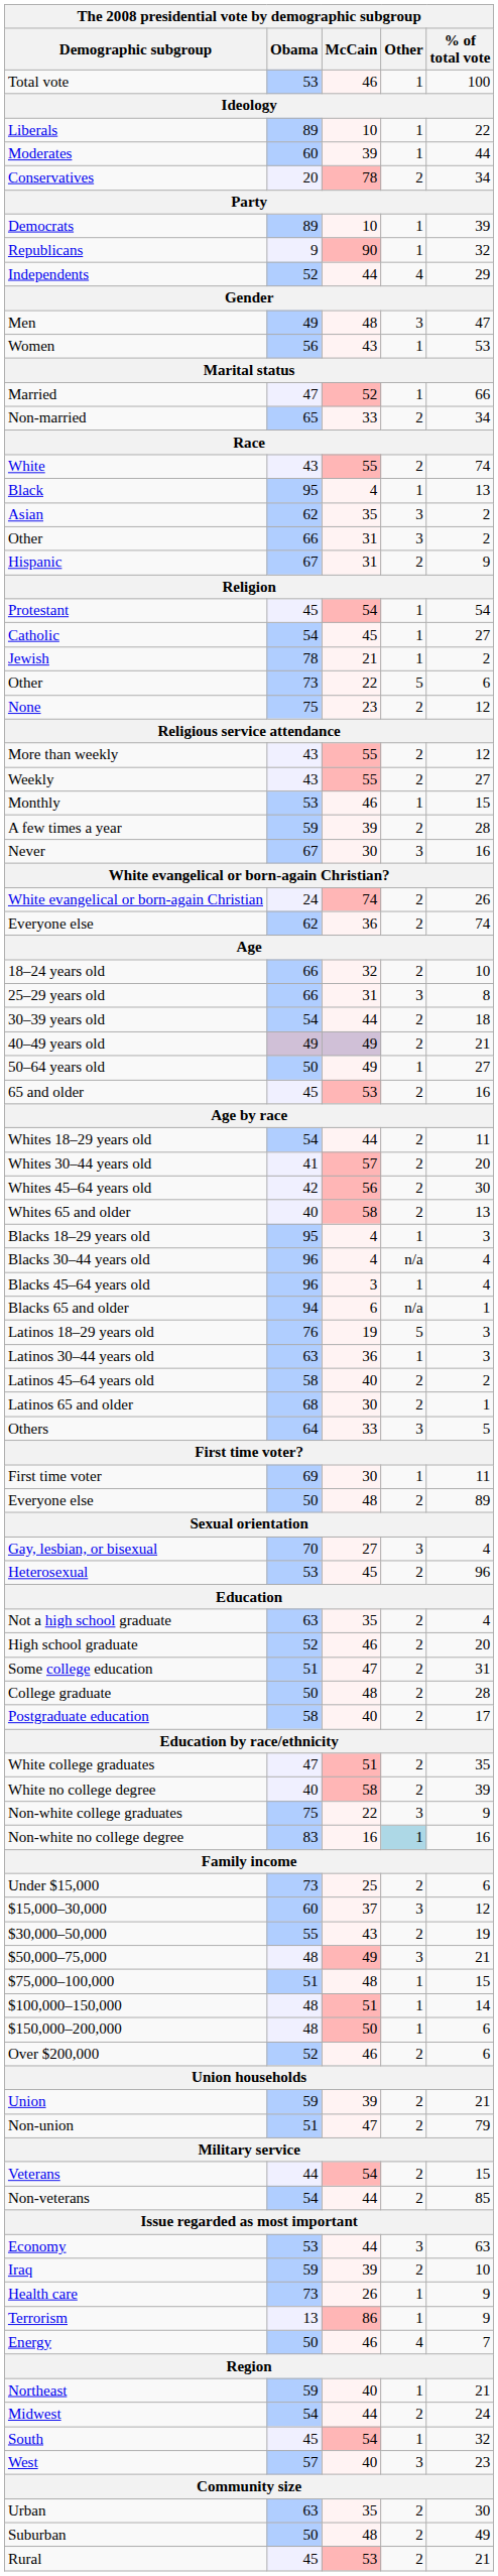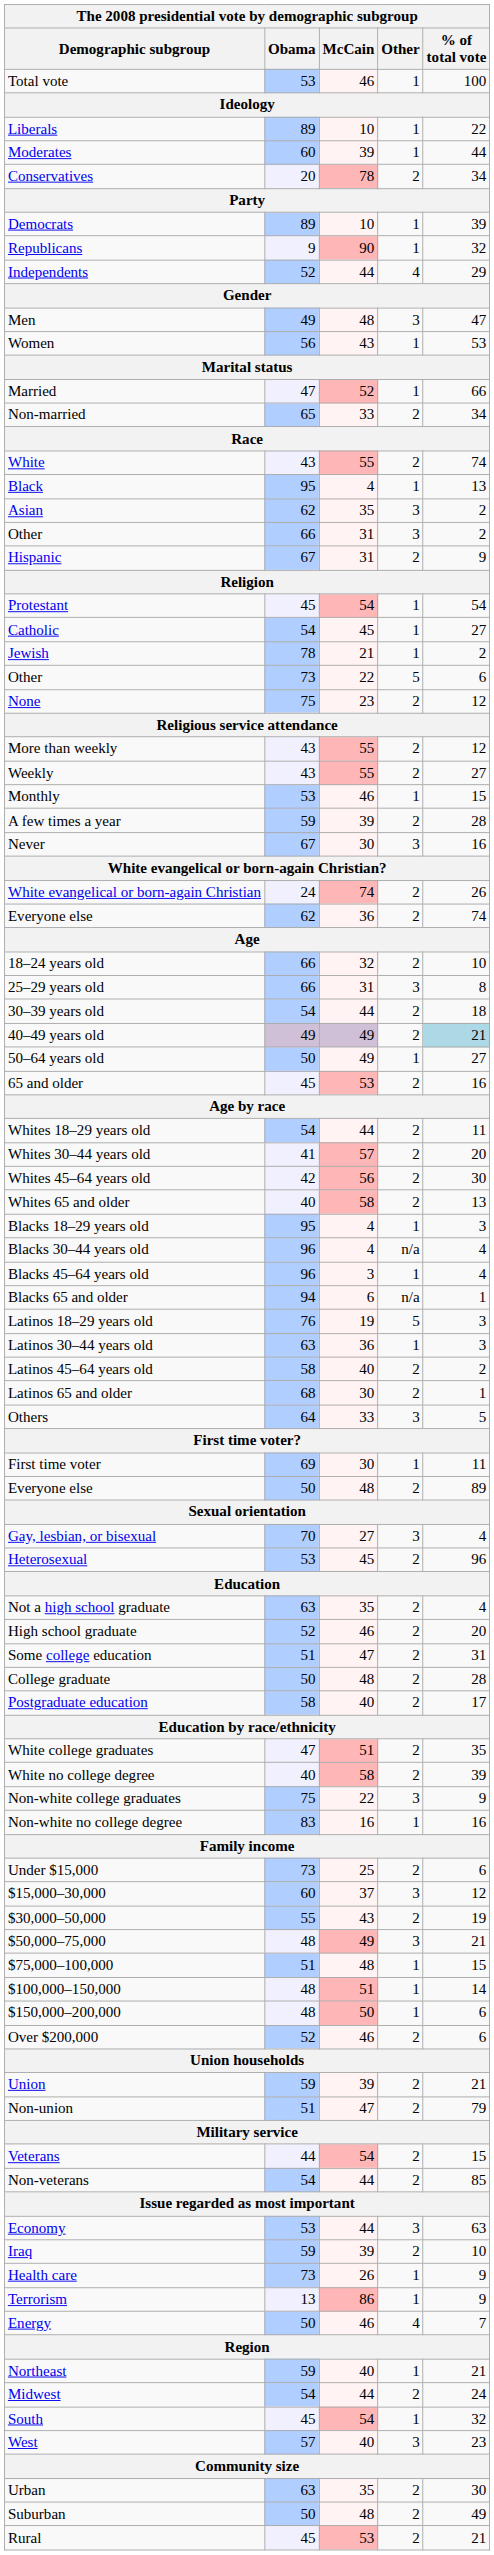 <table class=wikitable>
 <tr>
 <th colspan="8">The 2008 presidential vote by demographic subgroup</th>
 </tr>
 <tr>
 <th>Demographic subgroup</th>
 <th>Obama</th>
 <th>McCain</th>
 <th>Other</th>
 <th>% of<br>total vote</th>
 </tr>
 <tr>
 <td>Total vote</td>
 <td style="text-align:right; background:#b0ceff;">53</td>
 <td style="text-align:right; background:#fff3f3;">46</td>
 <td style="text-align:right;">1</td>
 <td style="text-align:right;">100</td>
 </tr>
 <tr>
 <th colspan=5>Ideology</th>
 </tr>
 <tr>
 <td><a href='#'>Liberals</a></td>
 <td style="text-align:right; background:#b0ceff;">89</td>
 <td style="text-align:right; background:#fff3f3;">10</td>
 <td style="text-align:right;">1</td>
 <td style="text-align:right;">22</td>
 </tr>
 <tr>
 <td><a href='#'>Moderates</a></td>
 <td style="text-align:right; background:#b0ceff;">60</td>
 <td style="text-align:right; background:#fff3f3;">39</td>
 <td style="text-align:right;">1</td>
 <td style="text-align:right;">44</td>
 </tr>
 <tr>
 <td><a href='#'>Conservatives</a></td>
 <td style="text-align:right; background:#f0f0ff;">20</td>
 <td style="text-align:right; background:#ffb6b6;">78</td>
 <td style="text-align:right;">2</td>
 <td style="text-align:right;">34</td>
 </tr>
 <tr>
 <th colspan=5>Party</th>
 </tr>
 <tr>
 <td><a href='#'>Democrats</a></td>
 <td style="text-align:right; background:#b0ceff;">89</td>
 <td style="text-align:right; background:#fff3f3;">10</td>
 <td style="text-align:right;">1</td>
 <td style="text-align:right;">39</td>
 </tr>
 <tr>
 <td><a href='#'>Republicans</a></td>
 <td style="text-align:right; background:#f0f0ff;">9</td>
 <td style="text-align:right; background:#ffb6b6;">90</td>
 <td style="text-align:right;">1</td>
 <td style="text-align:right;">32</td>
 </tr>
 <tr>
 <td><a href='#'>Independents</a></td>
 <td style="text-align:right; background:#b0ceff;">52</td>
 <td style="text-align:right; background:#fff3f3;">44</td>
 <td style="text-align:right;">4</td>
 <td style="text-align:right;">29</td>
 </tr>
 <tr>
 <th colspan=5>Gender</th>
 </tr>
 <tr>
 <td>Men</td>
 <td style="text-align:right; background:#b0ceff;">49</td>
 <td style="text-align:right; background:#fff3f3;">48</td>
 <td style="text-align:right;">3</td>
 <td style="text-align:right;">47</td>
 </tr>
 <tr>
 <td>Women</td>
 <td style="text-align:right; background:#b0ceff;">56</td>
 <td style="text-align:right; background:#fff3f3;">43</td>
 <td style="text-align:right;">1</td>
 <td style="text-align:right;">53</td>
 </tr>
 <tr>
 <th colspan=5>Marital status</th>
 </tr>
 <tr>
 <td>Married</td>
 <td style="text-align:right; background:#f0f0ff;">47</td>
 <td style="text-align:right; background:#ffb6b6;">52</td>
 <td style="text-align:right;">1</td>
 <td style="text-align:right;">66</td>
 </tr>
 <tr>
 <td>Non-married</td>
 <td style="text-align:right; background:#b0ceff;">65</td>
 <td style="text-align:right; background:#fff3f3;">33</td>
 <td style="text-align:right;">2</td>
 <td style="text-align:right;">34</td>
 </tr>
 <tr>
 <th colspan=5>Race</th>
 </tr>
 <tr>
 <td><a href='#'>White</a></td>
 <td style="text-align:right; background:#f0f0ff;">43</td>
 <td style="text-align:right; background:#ffb6b6;">55</td>
 <td style="text-align:right;">2</td>
 <td style="text-align:right;">74</td>
 </tr>
 <tr>
 <td><a href='#'>Black</a></td>
 <td style="text-align:right; background:#b0ceff;">95</td>
 <td style="text-align:right; background:#fff3f3;">4</td>
 <td style="text-align:right;">1</td>
 <td style="text-align:right;">13</td>
 </tr>
 <tr>
 <td><a href='#'>Asian</a></td>
 <td style="text-align:right; background:#b0ceff;">62</td>
 <td style="text-align:right; background:#fff3f3;">35</td>
 <td style="text-align:right;">3</td>
 <td style="text-align:right;">2</td>
 </tr>
 <tr>
 <td>Other</td>
 <td style="text-align:right; background:#b0ceff;">66</td>
 <td style="text-align:right; background:#fff3f3;">31</td>
 <td style="text-align:right;">3</td>
 <td style="text-align:right;">2</td>
 </tr>
 <tr>
 <td><a href='#'>Hispanic</a></td>
 <td style="text-align:right; background:#b0ceff;">67</td>
 <td style="text-align:right; background:#fff3f3;">31</td>
 <td style="text-align:right;">2</td>
 <td style="text-align:right;">9</td>
 </tr>
 <tr>
 <th colspan=5>Religion</th>
 </tr>
 <tr>
 <td><a href='#'>Protestant</a></td>
 <td style="text-align:right; background:#f0f0ff;">45</td>
 <td style="text-align:right; background:#ffb6b6;">54</td>
 <td style="text-align:right;">1</td>
 <td style="text-align:right;">54</td>
 </tr>
 <tr>
 <td><a href='#'>Catholic</a></td>
 <td style="text-align:right; background:#b0ceff;">54</td>
 <td style="text-align:right; background:#fff3f3;">45</td>
 <td style="text-align:right;">1</td>
 <td style="text-align:right;">27</td>
 </tr>
 <tr>
 <td><a href='#'>Jewish</a></td>
 <td style="text-align:right; background:#b0ceff;">78</td>
 <td style="text-align:right; background:#fff3f3;">21</td>
 <td style="text-align:right;">1</td>
 <td style="text-align:right;">2</td>
 </tr>
 <tr>
 <td>Other</td>
 <td style="text-align:right; background:#b0ceff;">73</td>
 <td style="text-align:right; background:#fff3f3;">22</td>
 <td style="text-align:right;">5</td>
 <td style="text-align:right;">6</td>
 </tr>
 <tr>
 <td><a href='#'>None</a></td>
 <td style="text-align:right; background:#b0ceff;">75</td>
 <td style="text-align:right; background:#fff3f3;">23</td>
 <td style="text-align:right;">2</td>
 <td style="text-align:right;">12</td>
 </tr>
 <tr>
 <th colspan=5>Religious service attendance</th>
 </tr>
 <tr>
 <td>More than weekly</td>
 <td style="text-align:right; background:#f0f0ff;">43</td>
 <td style="text-align:right; background:#ffb6b6;">55</td>
 <td style="text-align:right;">2</td>
 <td style="text-align:right;">12</td>
 </tr>
 <tr>
 <td>Weekly</td>
 <td style="text-align:right; background:#f0f0ff;">43</td>
 <td style="text-align:right; background:#ffb6b6;">55</td>
 <td style="text-align:right;">2</td>
 <td style="text-align:right;">27</td>
 </tr>
 <tr>
 <td>Monthly</td>
 <td style="text-align:right; background:#b0ceff;">53</td>
 <td style="text-align:right; background:#fff3f3;">46</td>
 <td style="text-align:right;">1</td>
 <td style="text-align:right;">15</td>
 </tr>
 <tr>
 <td>A few times a year</td>
 <td style="text-align:right; background:#b0ceff;">59</td>
 <td style="text-align:right; background:#fff3f3;">39</td>
 <td style="text-align:right;">2</td>
 <td style="text-align:right;">28</td>
 </tr>
 <tr>
 <td>Never</td>
 <td style="text-align:right; background:#b0ceff;">67</td>
 <td style="text-align:right; background:#fff3f3;">30</td>
 <td style="text-align:right;">3</td>
 <td style="text-align:right;">16</td>
 </tr>
 <tr>
 <th colspan=5>White evangelical or born-again Christian?</th>
 </tr>
 <tr>
 <td><a href='#'>White evangelical or born-again Christian</a></td>
 <td style="text-align:right; background:#f0f0ff;">24</td>
 <td style="text-align:right; background:#ffb6b6;">74</td>
 <td style="text-align:right;">2</td>
 <td style="text-align:right;">26</td>
 </tr>
 <tr>
 <td>Everyone else</td>
 <td style="text-align:right; background:#b0ceff;">62</td>
 <td style="text-align:right; background:#fff3f3;">36</td>
 <td style="text-align:right;">2</td>
 <td style="text-align:right;">74</td>
 </tr>
 <tr>
 <th colspan=5>Age</th>
 </tr>
 <tr>
 <td>18–24 years old</td>
 <td style="text-align:right; background:#b0ceff;">66</td>
 <td style="text-align:right; background:#fff3f3;">32</td>
 <td style="text-align:right;">2</td>
 <td style="text-align:right;">10</td>
 </tr>
 <tr>
 <td>25–29 years old</td>
 <td style="text-align:right; background:#b0ceff;">66</td>
 <td style="text-align:right; background:#fff3f3;">31</td>
 <td style="text-align:right;">3</td>
 <td style="text-align:right;">8</td>
 </tr>
 <tr>
 <td>30–39 years old</td>
 <td style="text-align:right; background:#b0ceff;">54</td>
 <td style="text-align:right; background:#fff3f3;">44</td>
 <td style="text-align:right;">2</td>
 <td style="text-align:right;">18</td>
 </tr>
 <tr>
 <td>40–49 years old</td>
 <td style="text-align:right; background:#d0c0d7;">49</td>
 <td style="text-align:right; background:#d0c0d7;">49</td>
 <td style="text-align:right;">2</td>
-<td style="text-align:right;">21</td>
+<td style="background: lightblue; text-align:right;">21</td>
 </tr>
 <tr>
 <td>50–64 years old</td>
 <td style="text-align:right; background:#b0ceff;">50</td>
 <td style="text-align:right; background:#fff3f3;">49</td>
 <td style="text-align:right;">1</td>
 <td style="text-align:right;">27</td>
 </tr>
 <tr>
 <td>65 and older</td>
 <td style="text-align:right; background:#f0f0ff;">45</td>
 <td style="text-align:right; background:#ffb6b6;">53</td>
 <td style="text-align:right;">2</td>
 <td style="text-align:right;">16</td>
 </tr>
 <tr>
 <th colspan=5>Age by race</th>
 </tr>
 <tr>
 <td>Whites 18–29 years old</td>
 <td style="text-align:right; background:#b0ceff;">54</td>
 <td style="text-align:right; background:#fff3f3;">44</td>
 <td style="text-align:right;">2</td>
 <td style="text-align:right;">11</td>
 </tr>
 <tr>
 <td>Whites 30–44 years old</td>
 <td style="text-align:right; background:#f0f0ff;">41</td>
 <td style="text-align:right; background:#ffb6b6;">57</td>
 <td style="text-align:right;">2</td>
 <td style="text-align:right;">20</td>
 </tr>
 <tr>
 <td>Whites 45–64 years old</td>
 <td style="text-align:right; background:#f0f0ff;">42</td>
 <td style="text-align:right; background:#ffb6b6;">56</td>
 <td style="text-align:right;">2</td>
 <td style="text-align:right;">30</td>
 </tr>
 <tr>
 <td>Whites 65 and older</td>
 <td style="text-align:right; background:#f0f0ff;">40</td>
 <td style="text-align:right; background:#ffb6b6;">58</td>
 <td style="text-align:right;">2</td>
 <td style="text-align:right;">13</td>
 </tr>
 <tr>
 <td>Blacks 18–29 years old</td>
 <td style="text-align:right; background:#b0ceff;">95</td>
 <td style="text-align:right; background:#fff3f3;">4</td>
 <td style="text-align:right;">1</td>
 <td style="text-align:right;">3</td>
 </tr>
 <tr>
 <td>Blacks 30–44 years old</td>
 <td style="text-align:right; background:#b0ceff;">96</td>
 <td style="text-align:right; background:#fff3f3;">4</td>
 <td style="text-align:right;">n/a</td>
 <td style="text-align:right;">4</td>
 </tr>
 <tr>
 <td>Blacks 45–64 years old</td>
 <td style="text-align:right; background:#b0ceff;">96</td>
 <td style="text-align:right; background:#fff3f3;">3</td>
 <td style="text-align:right;">1</td>
 <td style="text-align:right;">4</td>
 </tr>
 <tr>
 <td>Blacks 65 and older</td>
 <td style="text-align:right; background:#b0ceff;">94</td>
 <td style="text-align:right; background:#fff3f3;">6</td>
 <td style="text-align:right;">n/a</td>
 <td style="text-align:right;">1</td>
 </tr>
 <tr>
 <td>Latinos 18–29 years old</td>
 <td style="text-align:right; background:#b0ceff;">76</td>
 <td style="text-align:right; background:#fff3f3;">19</td>
 <td style="text-align:right;">5</td>
 <td style="text-align:right;">3</td>
 </tr>
 <tr>
 <td>Latinos 30–44 years old</td>
 <td style="text-align:right; background:#b0ceff;">63</td>
 <td style="text-align:right; background:#fff3f3;">36</td>
 <td style="text-align:right;">1</td>
 <td style="text-align:right;">3</td>
 </tr>
 <tr>
 <td>Latinos 45–64 years old</td>
 <td style="text-align:right; background:#b0ceff;">58</td>
 <td style="text-align:right; background:#fff3f3;">40</td>
 <td style="text-align:right;">2</td>
 <td style="text-align:right;">2</td>
 </tr>
 <tr>
 <td>Latinos 65 and older</td>
 <td style="text-align:right; background:#b0ceff;">68</td>
 <td style="text-align:right; background:#fff3f3;">30</td>
 <td style="text-align:right;">2</td>
 <td style="text-align:right;">1</td>
 </tr>
 <tr>
 <td>Others</td>
 <td style="text-align:right; background:#b0ceff;">64</td>
 <td style="text-align:right; background:#fff3f3;">33</td>
 <td style="text-align:right;">3</td>
 <td style="text-align:right;">5</td>
 </tr>
 <tr>
 <th colspan=5>First time voter?</th>
 </tr>
 <tr>
 <td>First time voter</td>
 <td style="text-align:right; background:#b0ceff;">69</td>
 <td style="text-align:right; background:#fff3f3;">30</td>
 <td style="text-align:right;">1</td>
 <td style="text-align:right;">11</td>
 </tr>
 <tr>
 <td>Everyone else</td>
 <td style="text-align:right; background:#b0ceff;">50</td>
 <td style="text-align:right; background:#fff3f3;">48</td>
 <td style="text-align:right;">2</td>
 <td style="text-align:right;">89</td>
 </tr>
 <tr>
 <th colspan=5>Sexual orientation</th>
 </tr>
 <tr>
 <td><a href='#'>Gay, lesbian, or bisexual</a></td>
 <td style="text-align:right; background:#b0ceff;">70</td>
 <td style="text-align:right; background:#fff3f3;">27</td>
 <td style="text-align:right;">3</td>
 <td style="text-align:right;">4</td>
 </tr>
 <tr>
 <td><a href='#'>Heterosexual</a></td>
 <td style="text-align:right; background:#b0ceff;">53</td>
 <td style="text-align:right; background:#fff3f3;">45</td>
 <td style="text-align:right;">2</td>
 <td style="text-align:right;">96</td>
 </tr>
 <tr>
 <th colspan=5>Education</th>
 </tr>
 <tr>
 <td>Not a <a href='#'>high school</a> graduate</td>
 <td style="text-align:right; background:#b0ceff;">63</td>
 <td style="text-align:right; background:#fff3f3;">35</td>
 <td style="text-align:right;">2</td>
 <td style="text-align:right;">4</td>
 </tr>
 <tr>
 <td>High school graduate</td>
 <td style="text-align:right; background:#b0ceff;">52</td>
 <td style="text-align:right; background:#fff3f3;">46</td>
 <td style="text-align:right;">2</td>
 <td style="text-align:right;">20</td>
 </tr>
 <tr>
 <td>Some <a href='#'>college</a> education</td>
 <td style="text-align:right; background:#b0ceff;">51</td>
 <td style="text-align:right; background:#fff3f3;">47</td>
 <td style="text-align:right;">2</td>
 <td style="text-align:right;">31</td>
 </tr>
 <tr>
 <td>College graduate</td>
 <td style="text-align:right; background:#b0ceff;">50</td>
 <td style="text-align:right; background:#fff3f3;">48</td>
 <td style="text-align:right;">2</td>
 <td style="text-align:right;">28</td>
 </tr>
 <tr>
 <td><a href='#'>Postgraduate education</a></td>
 <td style="text-align:right; background:#b0ceff;">58</td>
 <td style="text-align:right; background:#fff3f3;">40</td>
 <td style="text-align:right;">2</td>
 <td style="text-align:right;">17</td>
 </tr>
 <tr>
 <th colspan=5>Education by race/ethnicity</th>
 </tr>
 <tr>
 <td>White college graduates</td>
 <td style="text-align:right; background:#f0f0ff;">47</td>
 <td style="text-align:right; background:#ffb6b6;">51</td>
 <td style="text-align:right;">2</td>
 <td style="text-align:right;">35</td>
 </tr>
 <tr>
 <td>White no college degree</td>
 <td style="text-align:right; background:#f0f0ff;">40</td>
 <td style="text-align:right; background:#ffb6b6;">58</td>
 <td style="text-align:right;">2</td>
 <td style="text-align:right;">39</td>
 </tr>
 <tr>
 <td>Non-white college graduates</td>
 <td style="text-align:right; background:#b0ceff;">75</td>
 <td style="text-align:right; background:#fff3f3;">22</td>
 <td style="text-align:right;">3</td>
 <td style="text-align:right;">9</td>
 </tr>
 <tr>
 <td>Non-white no college degree</td>
 <td style="text-align:right; background:#b0ceff;">83</td>
 <td style="text-align:right; background:#fff3f3;">16</td>
-<td style="background: lightblue; text-align:right;">1</td>
+<td style="text-align:right;">1</td>
 <td style="text-align:right;">16</td>
 </tr>
 <tr>
 <th colspan=5>Family income</th>
 </tr>
 <tr>
 <td>Under $15,000</td>
 <td style="text-align:right; background:#b0ceff;">73</td>
 <td style="text-align:right; background:#fff3f3;">25</td>
 <td style="text-align:right;">2</td>
 <td style="text-align:right;">6</td>
 </tr>
 <tr>
 <td>$15,000–30,000</td>
 <td style="text-align:right; background:#b0ceff;">60</td>
 <td style="text-align:right; background:#fff3f3;">37</td>
 <td style="text-align:right;">3</td>
 <td style="text-align:right;">12</td>
 </tr>
 <tr>
 <td>$30,000–50,000</td>
 <td style="text-align:right; background:#b0ceff;">55</td>
 <td style="text-align:right; background:#fff3f3;">43</td>
 <td style="text-align:right;">2</td>
 <td style="text-align:right;">19</td>
 </tr>
 <tr>
 <td>$50,000–75,000</td>
 <td style="text-align:right; background:#f0f0ff;">48</td>
 <td style="text-align:right; background:#ffb6b6;">49</td>
 <td style="text-align:right;">3</td>
 <td style="text-align:right;">21</td>
 </tr>
 <tr>
 <td>$75,000–100,000</td>
 <td style="text-align:right; background:#b0ceff;">51</td>
 <td style="text-align:right; background:#fff3f3;">48</td>
 <td style="text-align:right;">1</td>
 <td style="text-align:right;">15</td>
 </tr>
 <tr>
 <td>$100,000–150,000</td>
 <td style="text-align:right; background:#f0f0ff;">48</td>
 <td style="text-align:right; background:#ffb6b6;">51</td>
 <td style="text-align:right;">1</td>
 <td style="text-align:right;">14</td>
 </tr>
 <tr>
 <td>$150,000–200,000</td>
 <td style="text-align:right; background:#f0f0ff;">48</td>
 <td style="text-align:right; background:#ffb6b6;">50</td>
 <td style="text-align:right;">1</td>
 <td style="text-align:right;">6</td>
 </tr>
 <tr>
 <td>Over $200,000</td>
 <td style="text-align:right; background:#b0ceff;">52</td>
 <td style="text-align:right; background:#fff3f3;">46</td>
 <td style="text-align:right;">2</td>
 <td style="text-align:right;">6</td>
 </tr>
 <tr>
 <th colspan=5>Union households</th>
 </tr>
 <tr>
 <td><a href='#'>Union</a></td>
 <td style="text-align:right; background:#b0ceff;">59</td>
 <td style="text-align:right; background:#fff3f3;">39</td>
 <td style="text-align:right;">2</td>
 <td style="text-align:right;">21</td>
 </tr>
 <tr>
 <td>Non-union</td>
 <td style="text-align:right; background:#b0ceff;">51</td>
 <td style="text-align:right; background:#fff3f3;">47</td>
 <td style="text-align:right;">2</td>
 <td style="text-align:right;">79</td>
 </tr>
 <tr>
 <th colspan=5>Military service</th>
 </tr>
 <tr>
 <td><a href='#'>Veterans</a></td>
 <td style="text-align:right; background:#f0f0ff;">44</td>
 <td style="text-align:right; background:#ffb6b6;">54</td>
 <td style="text-align:right;">2</td>
 <td style="text-align:right;">15</td>
 </tr>
 <tr>
 <td>Non-veterans</td>
 <td style="text-align:right; background:#b0ceff;">54</td>
 <td style="text-align:right; background:#fff3f3;">44</td>
 <td style="text-align:right;">2</td>
 <td style="text-align:right;">85</td>
 </tr>
 <tr>
 <th colspan=5>Issue regarded as most important</th>
 </tr>
 <tr>
 <td><a href='#'>Economy</a></td>
 <td style="text-align:right; background:#b0ceff;">53</td>
 <td style="text-align:right; background:#fff3f3;">44</td>
 <td style="text-align:right;">3</td>
 <td style="text-align:right;">63</td>
 </tr>
 <tr>
 <td><a href='#'>Iraq</a></td>
 <td style="text-align:right; background:#b0ceff;">59</td>
 <td style="text-align:right; background:#fff3f3;">39</td>
 <td style="text-align:right;">2</td>
 <td style="text-align:right;">10</td>
 </tr>
 <tr>
 <td><a href='#'>Health care</a></td>
 <td style="text-align:right; background:#b0ceff;">73</td>
 <td style="text-align:right; background:#fff3f3;">26</td>
 <td style="text-align:right;">1</td>
 <td style="text-align:right;">9</td>
 </tr>
 <tr>
 <td><a href='#'>Terrorism</a></td>
 <td style="text-align:right; background:#f0f0ff;">13</td>
 <td style="text-align:right; background:#ffb6b6;">86</td>
 <td style="text-align:right;">1</td>
 <td style="text-align:right;">9</td>
 </tr>
 <tr>
 <td><a href='#'>Energy</a></td>
 <td style="text-align:right; background:#b0ceff;">50</td>
 <td style="text-align:right; background:#fff3f3;">46</td>
 <td style="text-align:right;">4</td>
 <td style="text-align:right;">7</td>
 </tr>
 <tr>
 <th colspan=5>Region</th>
 </tr>
 <tr>
 <td><a href='#'>Northeast</a></td>
 <td style="text-align:right; background:#b0ceff;">59</td>
 <td style="text-align:right; background:#fff3f3;">40</td>
 <td style="text-align:right;">1</td>
 <td style="text-align:right;">21</td>
 </tr>
 <tr>
 <td><a href='#'>Midwest</a></td>
 <td style="text-align:right; background:#b0ceff;">54</td>
 <td style="text-align:right; background:#fff3f3;">44</td>
 <td style="text-align:right;">2</td>
 <td style="text-align:right;">24</td>
 </tr>
 <tr>
 <td><a href='#'>South</a></td>
 <td style="text-align:right; background:#f0f0ff;">45</td>
 <td style="text-align:right; background:#ffb6b6;">54</td>
 <td style="text-align:right;">1</td>
 <td style="text-align:right;">32</td>
 </tr>
 <tr>
 <td><a href='#'>West</a></td>
 <td style="text-align:right; background:#b0ceff;">57</td>
 <td style="text-align:right; background:#fff3f3;">40</td>
 <td style="text-align:right;">3</td>
 <td style="text-align:right;">23</td>
 </tr>
 <tr>
 <th colspan=5>Community size</th>
 </tr>
 <tr>
 <td>Urban</td>
 <td style="text-align:right; background:#b0ceff;">63</td>
 <td style="text-align:right; background:#fff3f3;">35</td>
 <td style="text-align:right;">2</td>
 <td style="text-align:right;">30</td>
 </tr>
 <tr>
 <td>Suburban</td>
 <td style="text-align:right; background:#b0ceff;">50</td>
 <td style="text-align:right; background:#fff3f3;">48</td>
 <td style="text-align:right;">2</td>
 <td style="text-align:right;">49</td>
 </tr>
 <tr>
 <td>Rural</td>
 <td style="text-align:right; background:#f0f0ff;">45</td>
 <td style="text-align:right; background:#ffb6b6;">53</td>
 <td style="text-align:right;">2</td>
 <td style="text-align:right;">21</td>
 </tr>
 </table>
